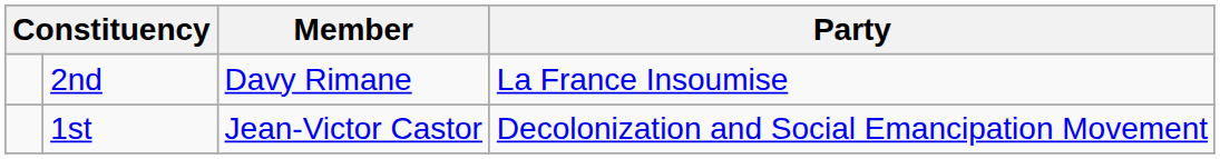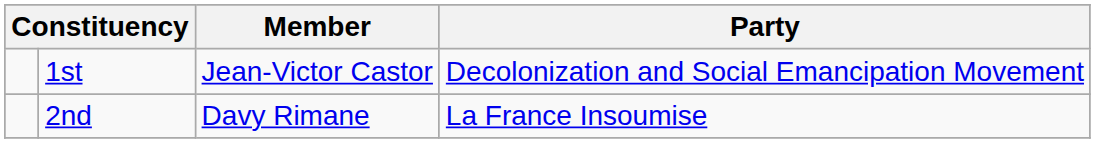 <table class="wikitable">
 <tr>
 <th colspan="2">Constituency</th>
 <th>Member</th>
 <th>Party</th>
 </tr>
 <tr>
 <td style="background-color: "></td>
+<td><a href='#'>1st</a></td>
+<td><a href='#'>Jean-Victor Castor</a></td>
+<td><a href='#'>Decolonization and Social Emancipation Movement</a></td>
+</tr>
+<tr>
+<td style="background-color: "></td>
 <td><a href='#'>2nd</a></td>
 <td><a href='#'>Davy Rimane</a></td>
 <td><a href='#'>La France Insoumise</a></td>
 </tr>
-<tr>
-<td style="background-color: "></td>
-<td><a href='#'>1st</a></td>
-<td><a href='#'>Jean-Victor Castor</a></td>
-<td><a href='#'>Decolonization and Social Emancipation Movement</a></td>
-</tr>
 </table>
